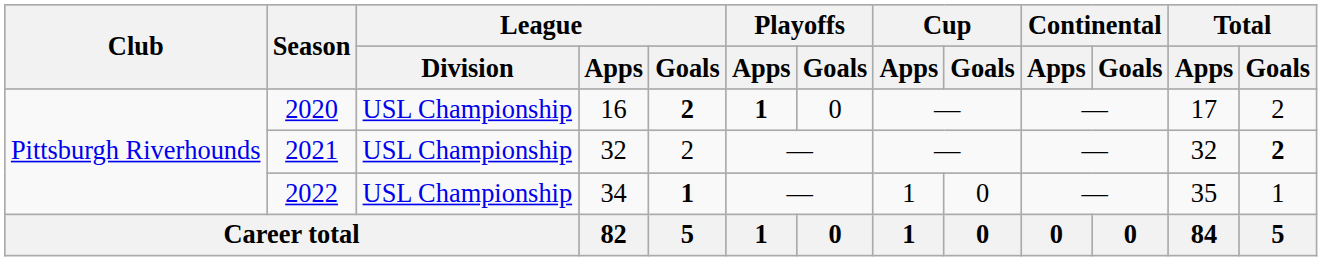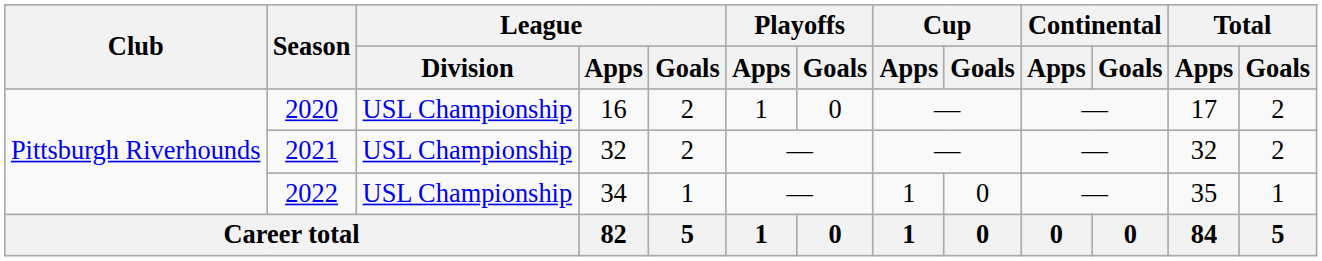 <table class=wikitable style=text-align:center>
 <tr>
 <th rowspan=2>Club</th>
 <th rowspan=2>Season</th>
 <th colspan=3>League</th>
 <th colspan=2>Playoffs</th>
 <th colspan=2>Cup</th>
 <th colspan=2>Continental</th>
 <th colspan=2>Total</th>
 </tr>
 <tr>
 <th>Division</th>
 <th>Apps</th>
 <th>Goals</th>
 <th>Apps</th>
 <th>Goals</th>
 <th>Apps</th>
 <th>Goals</th>
 <th>Apps</th>
 <th>Goals</th>
 <th>Apps</th>
 <th>Goals</th>
 </tr>
 <tr>
 <td rowspan=3><a href='#'>Pittsburgh Riverhounds</a></td>
 <td><a href='#'>2020</a></td>
 <td><a href='#'>USL Championship</a></td>
 <td>16</td>
-<td><strong>2</strong></td>
-<td><strong>1</strong></td>
+<td>2</td>
+<td>1</td>
 <td>0</td>
 <td colspan=2>—</td>
 <td colspan=2>—</td>
 <td>17</td>
 <td>2</td>
 </tr>
 <tr>
 <td><a href='#'>2021</a></td>
 <td><a href='#'>USL Championship</a></td>
 <td>32</td>
 <td>2</td>
 <td colspan=2>—</td>
 <td colspan=2>—</td>
 <td colspan=2>—</td>
 <td>32</td>
-<td><strong>2</strong></td>
+<td>2</td>
 </tr>
 <tr>
 <td><a href='#'>2022</a></td>
 <td><a href='#'>USL Championship</a></td>
 <td>34</td>
-<td><strong>1</strong></td>
+<td>1</td>
 <td colspan=2>—</td>
 <td>1</td>
 <td>0</td>
 <td colspan=2>—</td>
 <td>35</td>
 <td>1</td>
 </tr>
 <tr>
 <th colspan=3>Career total</th>
 <th>82</th>
 <th>5</th>
 <th>1</th>
 <th>0</th>
 <th>1</th>
 <th>0</th>
 <th>0</th>
 <th>0</th>
 <th>84</th>
 <th>5</th>
 </tr>
 </table>
